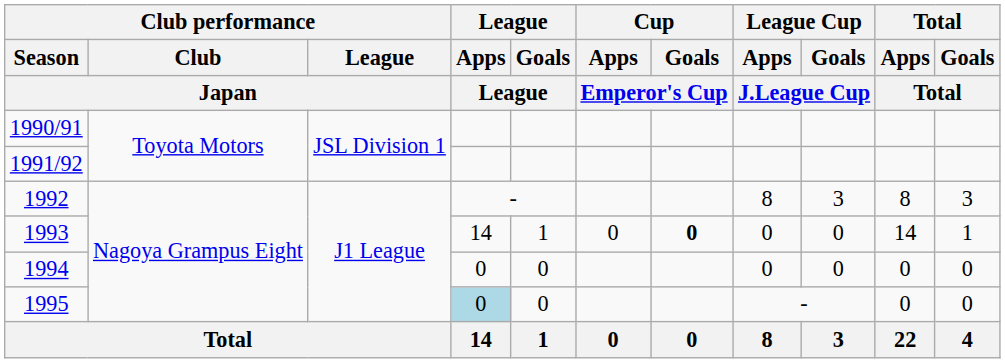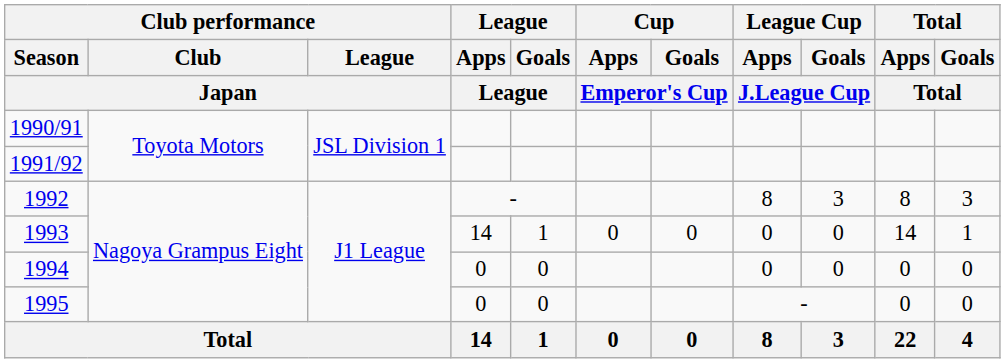 <table class="wikitable" style="text-align:center;">
 <tr>
 <th colspan=3>Club performance</th>
 <th colspan=2>League</th>
 <th colspan=2>Cup</th>
 <th colspan=2>League Cup</th>
 <th colspan=2>Total</th>
 </tr>
 <tr>
 <th>Season</th>
 <th>Club</th>
 <th>League</th>
 <th>Apps</th>
 <th>Goals</th>
 <th>Apps</th>
 <th>Goals</th>
 <th>Apps</th>
 <th>Goals</th>
 <th>Apps</th>
 <th>Goals</th>
 </tr>
 <tr>
 <th colspan=3>Japan</th>
 <th colspan=2>League</th>
 <th colspan=2><a href='#'>Emperor's Cup</a></th>
 <th colspan=2><a href='#'>J.League Cup</a></th>
 <th colspan=2>Total</th>
 </tr>
 <tr>
 <td><a href='#'>1990/91</a></td>
 <td rowspan="2"><a href='#'>Toyota Motors</a></td>
 <td rowspan="2"><a href='#'>JSL Division 1</a></td>
 <td></td>
 <td></td>
 <td></td>
 <td></td>
 <td></td>
 <td></td>
 <td></td>
 <td></td>
 </tr>
 <tr>
 <td><a href='#'>1991/92</a></td>
 <td></td>
 <td></td>
 <td></td>
 <td></td>
 <td></td>
 <td></td>
 <td></td>
 <td></td>
 </tr>
 <tr>
 <td><a href='#'>1992</a></td>
 <td rowspan="4"><a href='#'>Nagoya Grampus Eight</a></td>
 <td rowspan="4"><a href='#'>J1 League</a></td>
 <td colspan="2">-</td>
 <td></td>
 <td></td>
 <td>8</td>
 <td>3</td>
 <td>8</td>
 <td>3</td>
 </tr>
 <tr>
 <td><a href='#'>1993</a></td>
 <td>14</td>
 <td>1</td>
 <td>0</td>
-<td><strong>0</strong></td>
+<td>0</td>
 <td>0</td>
 <td>0</td>
 <td>14</td>
 <td>1</td>
 </tr>
 <tr>
 <td><a href='#'>1994</a></td>
 <td>0</td>
 <td>0</td>
 <td></td>
 <td></td>
 <td>0</td>
 <td>0</td>
 <td>0</td>
 <td>0</td>
 </tr>
 <tr>
 <td><a href='#'>1995</a></td>
-<td style="background: lightblue;">0</td>
+<td>0</td>
 <td>0</td>
 <td></td>
 <td></td>
 <td colspan="2">-</td>
 <td>0</td>
 <td>0</td>
 </tr>
 <tr>
 <th colspan=3>Total</th>
 <th>14</th>
 <th>1</th>
 <th>0</th>
 <th>0</th>
 <th>8</th>
 <th>3</th>
 <th>22</th>
 <th>4</th>
 </tr>
 </table>
